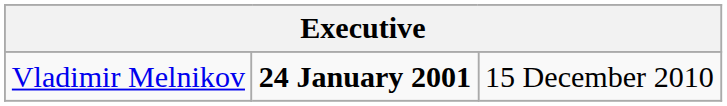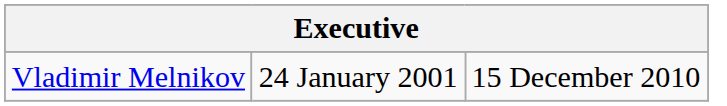 <table class="wikitable sortable">
 <tr>
 <th colspan=3>Executive</th>
 </tr>
 <tr>
 <td><a href='#'>Vladimir Melnikov</a></td>
-<td><strong>24 January 2001</strong></td>
+<td>24 January 2001</td>
 <td>15 December 2010</td>
 </tr>
 </table>
